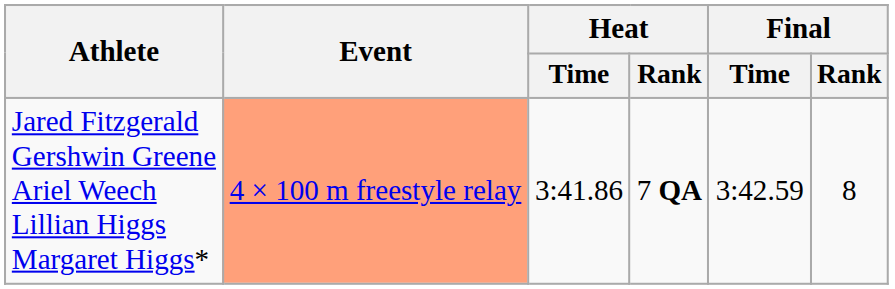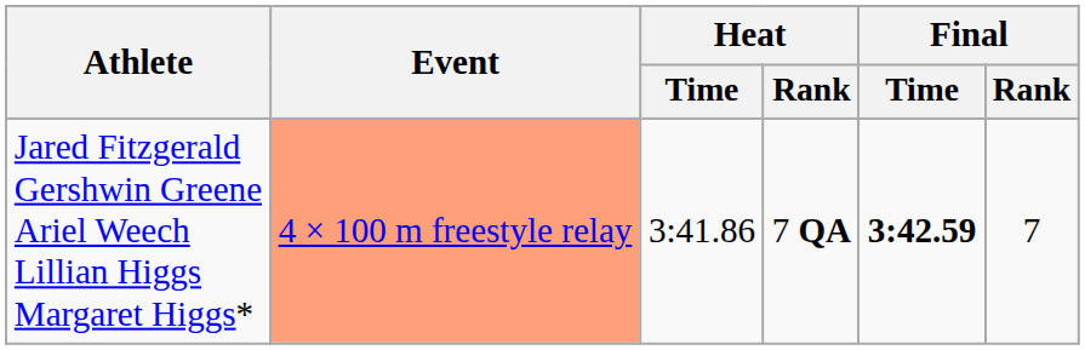 <table class=wikitable style="font-size:90%">
 <tr>
 <th rowspan="2">Athlete</th>
 <th rowspan="2">Event</th>
 <th colspan="2">Heat</th>
 <th colspan="2">Final</th>
 </tr>
 <tr style="font-size:95%">
 <th>Time</th>
 <th>Rank</th>
 <th>Time</th>
 <th>Rank</th>
 </tr>
 <tr align=center>
 <td align=left><a href='#'>Jared Fitzgerald</a><br><a href='#'>Gershwin Greene</a><br><a href='#'>Ariel Weech</a><br><a href='#'>Lillian Higgs</a><br><a href='#'>Margaret Higgs</a>*</td>
 <td align=left style="background: lightsalmon;"><a href='#'>4 × 100 m freestyle relay</a></td>
 <td>3:41.86</td>
 <td>7 <strong>QA</strong></td>
-<td>3:42.59</td>
-<td>8</td>
+<td><strong>3:42.59</strong></td>
+<td>7</td>
 </tr>
 </table>
